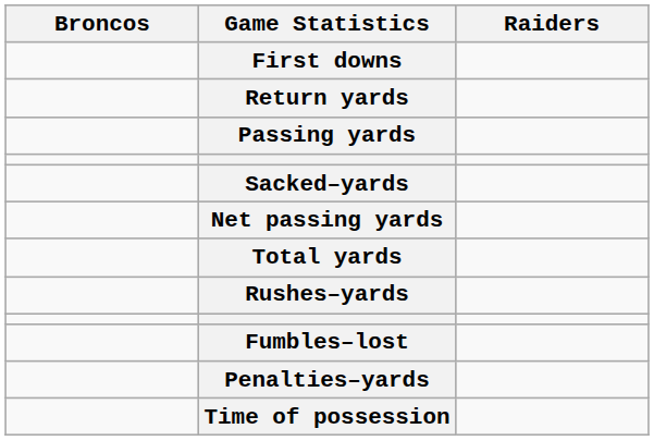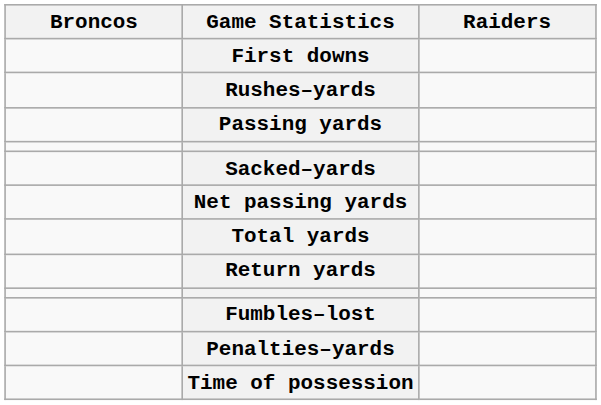 <table class="wikitable" style="margin: 1em auto 1em auto">
 <tr>
 <th style="width:30%;">Broncos</th>
 <th style="width:40%;">Game Statistics</th>
 <th style="width:30%;">Raiders</th>
 </tr>
 <tr>
 <td style="text-align:right;"></td>
 <th>First downs</th>
 <td></td>
 </tr>
 <tr>
 <td style="text-align:right;"></td>
-<th>Return yards</th>
+<th>Rushes–yards</th>
 <td></td>
 </tr>
 <tr>
 <td style="text-align:right;"></td>
 <th>Passing yards</th>
 <td></td>
 </tr>
 <tr>
 <td style="text-align:right;"></td>
 <th></th>
 <td></td>
 </tr>
 <tr>
 <td style="text-align:right;"></td>
 <th>Sacked–yards</th>
 <td></td>
 </tr>
 <tr>
 <td style="text-align:right;"></td>
 <th>Net passing yards</th>
 <td></td>
 </tr>
 <tr>
 <td style="text-align:right;"></td>
 <th>Total yards</th>
 <td></td>
 </tr>
 <tr>
 <td style="text-align:right;"></td>
-<th>Rushes–yards</th>
+<th>Return yards</th>
 <td></td>
 </tr>
 <tr>
 <td style="text-align:right;"></td>
 <th></th>
 <td></td>
 </tr>
 <tr>
 <td style="text-align:right;"></td>
 <th>Fumbles–lost</th>
 <td></td>
 </tr>
 <tr>
 <td style="text-align:right;"></td>
 <th>Penalties–yards</th>
 <td></td>
 </tr>
 <tr>
 <td style="text-align:right;"></td>
 <th>Time of possession</th>
 <td></td>
 </tr>
 </table>
